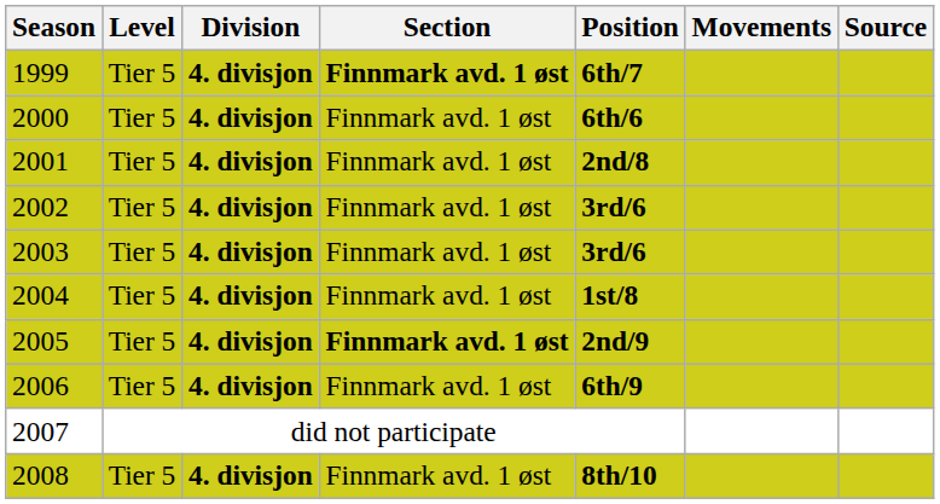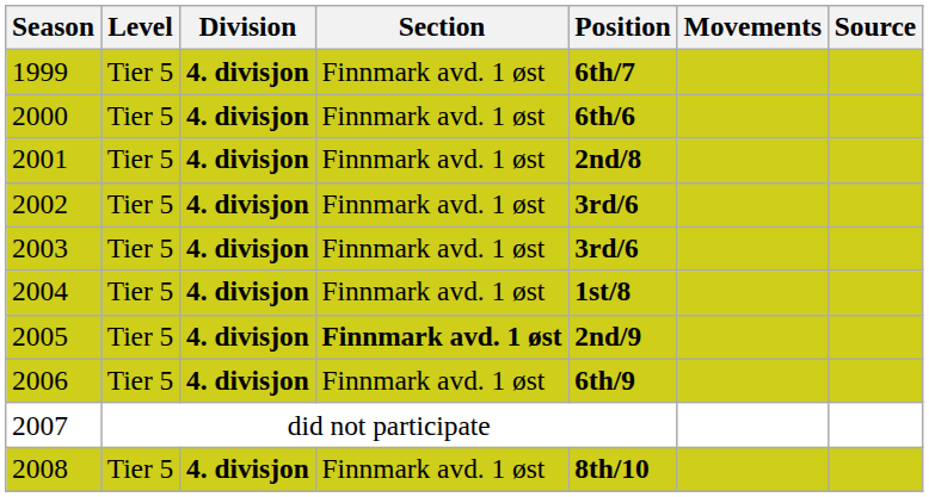 <table class="wikitable">
 <tr style="background:#f0f6fa;">
 <th>Season</th>
 <th>Level</th>
 <th>Division</th>
 <th>Section</th>
 <th>Position</th>
 <th>Movements</th>
 <th>Source</th>
 </tr>
 <tr>
 <td style="background:#CECE1B;">1999</td>
 <td style="background:#CECE1B;">Tier 5</td>
 <td style="background:#CECE1B;"><strong>4. divisjon</strong></td>
-<td style="background:#CECE1B;"><strong>Finnmark avd. 1 øst</strong></td>
+<td style="background:#CECE1B;">Finnmark avd. 1 øst</td>
 <td style="background:#CECE1B;"><strong>6th/7</strong></td>
 <td style="background:#CECE1B;"></td>
 <td style="background:#CECE1B;"></td>
 </tr>
 <tr>
 <td style="background:#CECE1B;">2000</td>
 <td style="background:#CECE1B;">Tier 5</td>
 <td style="background:#CECE1B;"><strong>4. divisjon</strong></td>
 <td style="background:#CECE1B;">Finnmark avd. 1 øst</td>
 <td style="background:#CECE1B;"><strong>6th/6</strong></td>
 <td style="background:#CECE1B;"></td>
 <td style="background:#CECE1B;"></td>
 </tr>
 <tr>
 <td style="background:#CECE1B;">2001</td>
 <td style="background:#CECE1B;">Tier 5</td>
 <td style="background:#CECE1B;"><strong>4. divisjon</strong></td>
 <td style="background:#CECE1B;">Finnmark avd. 1 øst</td>
 <td style="background:#CECE1B;"><strong>2nd/8</strong></td>
 <td style="background:#CECE1B;"></td>
 <td style="background:#CECE1B;"></td>
 </tr>
 <tr>
 <td style="background:#CECE1B;">2002</td>
 <td style="background:#CECE1B;">Tier 5</td>
 <td style="background:#CECE1B;"><strong>4. divisjon</strong></td>
 <td style="background:#CECE1B;">Finnmark avd. 1 øst</td>
 <td style="background:#CECE1B;"><strong>3rd/6</strong></td>
 <td style="background:#CECE1B;"></td>
 <td style="background:#CECE1B;"></td>
 </tr>
 <tr>
 <td style="background:#CECE1B;">2003</td>
 <td style="background:#CECE1B;">Tier 5</td>
 <td style="background:#CECE1B;"><strong>4. divisjon</strong></td>
 <td style="background:#CECE1B;">Finnmark avd. 1 øst</td>
 <td style="background:#CECE1B;"><strong>3rd/6</strong></td>
 <td style="background:#CECE1B;"></td>
 <td style="background:#CECE1B;"></td>
 </tr>
 <tr>
 <td style="background:#CECE1B;">2004</td>
 <td style="background:#CECE1B;">Tier 5</td>
 <td style="background:#CECE1B;"><strong>4. divisjon</strong></td>
 <td style="background:#CECE1B;">Finnmark avd. 1 øst</td>
 <td style="background:#CECE1B;"><strong>1st/8</strong></td>
 <td style="background:#CECE1B;"></td>
 <td style="background:#CECE1B;"></td>
 </tr>
 <tr>
 <td style="background:#CECE1B;">2005</td>
 <td style="background:#CECE1B;">Tier 5</td>
 <td style="background:#CECE1B;"><strong>4. divisjon</strong></td>
 <td style="background:#CECE1B;"><strong>Finnmark avd. 1 øst</strong></td>
 <td style="background:#CECE1B;"><strong>2nd/9</strong></td>
 <td style="background:#CECE1B;"></td>
 <td style="background:#CECE1B;"></td>
 </tr>
 <tr>
 <td style="background:#CECE1B;">2006</td>
 <td style="background:#CECE1B;">Tier 5</td>
 <td style="background:#CECE1B;"><strong>4. divisjon</strong></td>
 <td style="background:#CECE1B;">Finnmark avd. 1 øst</td>
 <td style="background:#CECE1B;"><strong>6th/9</strong></td>
 <td style="background:#CECE1B;"></td>
 <td style="background:#CECE1B;"></td>
 </tr>
 <tr>
 <td style="background:#FFFFFF;">2007</td>
 <td style="background:#FFFFFF;" colspan="4" align="center">did not participate</td>
 <td style="background:#FFFFFF;"></td>
 <td style="background:#FFFFFF;"></td>
 </tr>
 <tr>
 <td style="background:#CECE1B;">2008</td>
 <td style="background:#CECE1B;">Tier 5</td>
 <td style="background:#CECE1B;"><strong>4. divisjon</strong></td>
 <td style="background:#CECE1B;">Finnmark avd. 1 øst</td>
 <td style="background:#CECE1B;"><strong>8th/10</strong></td>
 <td style="background:#CECE1B;"></td>
 <td style="background:#CECE1B;"></td>
 </tr>
 </table>
